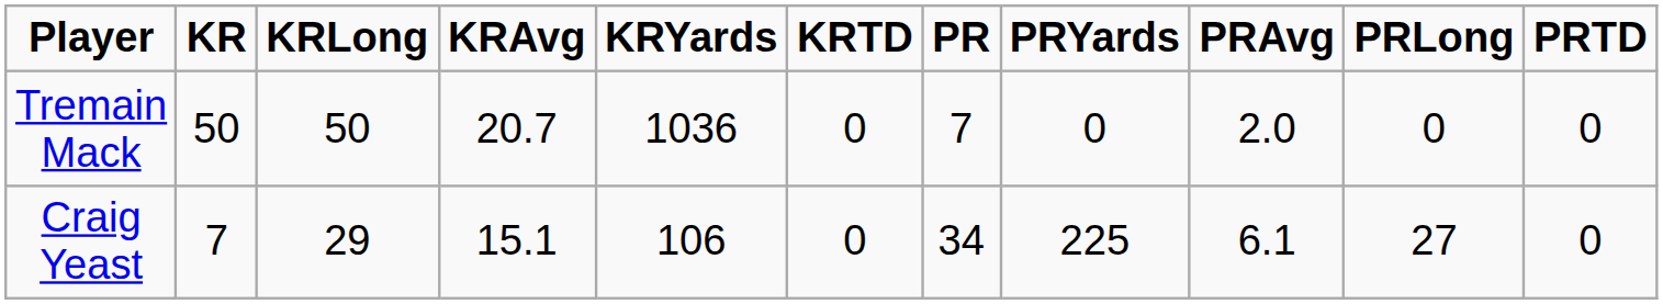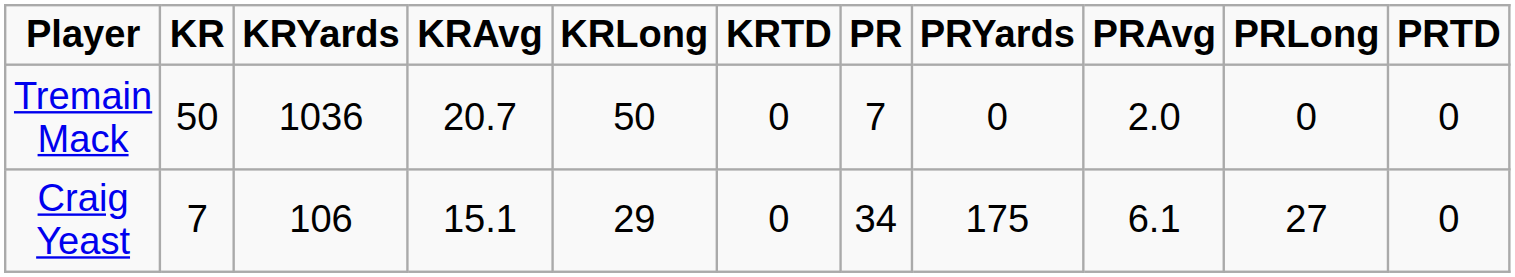 <table class="wikitable" width="80%">
 <tr align="center">
 <td><strong>Player</strong></td>
 <td><strong>KR</strong></td>
+<td><strong>KRYards</strong></td>
+<td><strong>KRAvg</strong></td>
 <td><strong>KRLong</strong></td>
-<td><strong>KRAvg</strong></td>
-<td><strong>KRYards</strong></td>
 <td><strong>KRTD</strong></td>
 <td><strong>PR</strong></td>
 <td><strong>PRYards</strong></td>
 <td><strong>PRAvg</strong></td>
 <td><strong>PRLong</strong></td>
 <td><strong>PRTD</strong></td>
 </tr>
 <tr align="center" bgcolor="">
 <td><a href='#'>Tremain Mack</a></td>
 <td>50</td>
+<td>1036</td>
+<td>20.7</td>
 <td>50</td>
-<td>20.7</td>
-<td>1036</td>
 <td>0</td>
 <td>7</td>
 <td>0</td>
 <td>2.0</td>
 <td>0</td>
 <td>0</td>
 </tr>
 <tr align="center" bgcolor="">
 <td><a href='#'>Craig Yeast</a></td>
 <td>7</td>
+<td>106</td>
+<td>15.1</td>
 <td>29</td>
-<td>15.1</td>
-<td>106</td>
 <td>0</td>
 <td>34</td>
-<td>225</td>
+<td>175</td>
 <td>6.1</td>
 <td>27</td>
 <td>0</td>
 </tr>
 </table>
